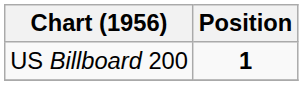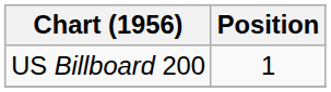 <table class="wikitable sortable plainrowheaders" style="text-align:center">
 <tr>
 <th scope="col">Chart (1956)</th>
 <th scope="col">Position</th>
 </tr>
 <tr>
 <td "text-align:left;">US <em>Billboard</em> 200</td>
-<td><strong>1</strong></td>
+<td>1</td>
 </tr>
 <tr>
 </tr>
 </table>
